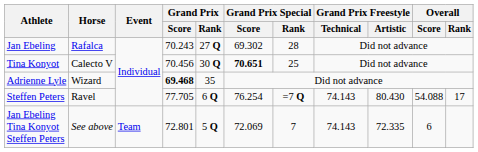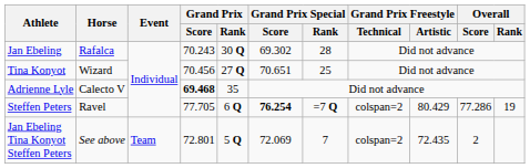 <table class=wikitable style=font-size:90%;text-align:center>
 <tr>
 <th rowspan=2>Athlete</th>
 <th rowspan=2>Horse</th>
 <th rowspan=2>Event</th>
 <th colspan=2>Grand Prix</th>
 <th colspan=2>Grand Prix Special</th>
 <th colspan=2>Grand Prix Freestyle</th>
 <th colspan=2>Overall</th>
 </tr>
 <tr style=font-size:95%>
 <th>Score</th>
 <th>Rank</th>
 <th>Score</th>
 <th>Rank</th>
 <th>Technical</th>
 <th>Artistic</th>
 <th>Score</th>
 <th>Rank</th>
 </tr>
 <tr>
 <td align=left><a href='#'>Jan Ebeling</a></td>
 <td align=left><a href='#'>Rafalca</a></td>
 <td align=left rowspan=4><a href='#'>Individual</a></td>
 <td>70.243</td>
-<td>27 <strong>Q</strong></td>
+<td>30 <strong>Q</strong></td>
 <td>69.302</td>
 <td>28</td>
 <td colspan=4>Did not advance</td>
 </tr>
 <tr>
 <td align=left><a href='#'>Tina Konyot</a></td>
-<td align=left>Calecto V</td>
+<td align=left>Wizard</td>
 <td>70.456</td>
-<td>30 <strong>Q</strong></td>
-<td><strong>70.651</strong></td>
+<td>27 <strong>Q</strong></td>
+<td>70.651</td>
 <td>25</td>
 <td colspan=4>Did not advance</td>
 </tr>
 <tr>
 <td align=left><a href='#'>Adrienne Lyle</a></td>
-<td align=left>Wizard</td>
+<td align=left>Calecto V</td>
 <td><strong>69.468</strong></td>
 <td>35</td>
 <td colspan=6>Did not advance</td>
 </tr>
 <tr>
 <td align=left><a href='#'>Steffen Peters</a></td>
 <td align=left>Ravel</td>
 <td>77.705</td>
 <td>6 <strong>Q</strong></td>
-<td>76.254</td>
+<td><strong>76.254</strong></td>
 <td>=7 <strong>Q</strong></td>
-<td>74.143</td>
-<td>80.430</td>
-<td>54.088</td>
-<td>17</td>
+<td>colspan=2 </td>
+<td>80.429</td>
+<td>77.286</td>
+<td>19</td>
 </tr>
 <tr>
 <td align=left><a href='#'>Jan Ebeling</a><br><a href='#'>Tina Konyot</a><br><a href='#'>Steffen Peters</a></td>
 <td align=left><em>See above</em></td>
 <td align=left><a href='#'>Team</a></td>
 <td>72.801</td>
 <td>5 <strong>Q</strong></td>
 <td>72.069</td>
 <td>7</td>
-<td>74.143</td>
-<td>72.335</td>
-<td>6</td>
+<td>colspan=2 </td>
+<td>72.435</td>
+<td>2</td>
 </tr>
 </table>
